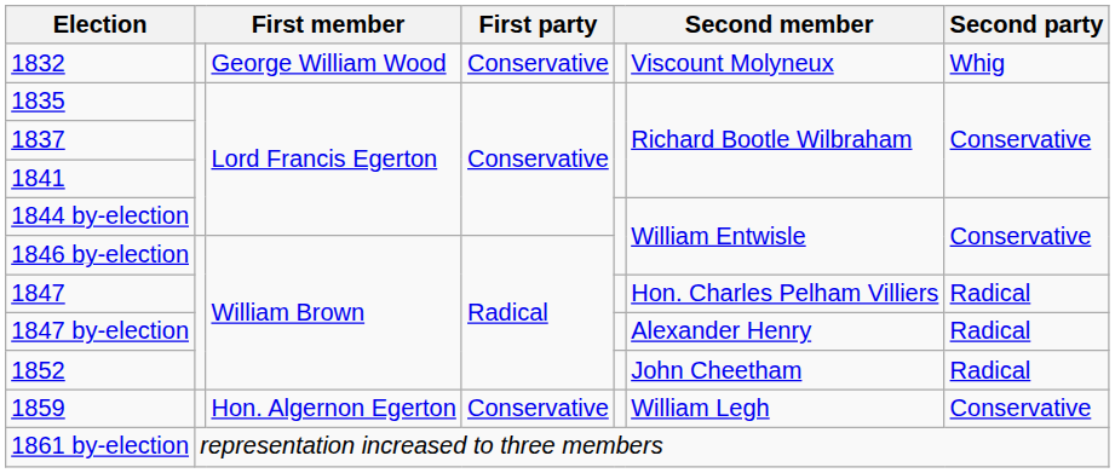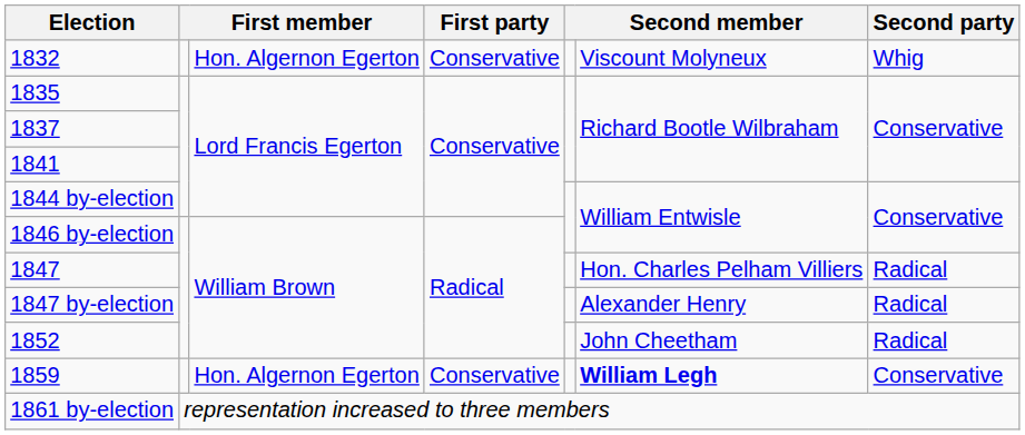 <table class="wikitable">
 <tr>
 <th>Election</th>
 <th colspan="2">First member</th>
 <th>First party</th>
 <th colspan="2">Second member</th>
 <th>Second party</th>
 </tr>
 <tr>
 <td><a href='#'>1832</a></td>
 <td style="color:inherit;background-color: "></td>
-<td><a href='#'>George William Wood</a></td>
+<td><a href='#'>Hon. Algernon Egerton</a></td>
 <td><a href='#'>Conservative</a></td>
 <td style="color:inherit;background-color: "></td>
 <td><a href='#'>Viscount Molyneux</a></td>
 <td><a href='#'>Whig</a></td>
 </tr>
 <tr>
 <td><a href='#'>1835</a></td>
 <td rowspan="4" style="color:inherit;background-color: "></td>
 <td rowspan="4"><a href='#'>Lord Francis Egerton</a></td>
 <td rowspan="4"><a href='#'>Conservative</a></td>
 <td rowspan="3" style="color:inherit;background-color: "></td>
 <td rowspan="3"><a href='#'>Richard Bootle Wilbraham</a></td>
 <td rowspan="3"><a href='#'>Conservative</a></td>
 </tr>
 <tr>
 <td><a href='#'>1837</a></td>
 </tr>
 <tr>
 <td><a href='#'>1841</a></td>
 </tr>
 <tr>
 <td><a href='#'>1844 by-election</a></td>
 <td rowspan="2" style="color:inherit;background-color: "></td>
 <td rowspan="2"><a href='#'>William Entwisle</a></td>
 <td rowspan="2"><a href='#'>Conservative</a></td>
 </tr>
 <tr>
 <td><a href='#'>1846 by-election</a></td>
 <td rowspan="4" style="color:inherit;background-color: "></td>
 <td rowspan="4"><a href='#'>William Brown</a></td>
 <td rowspan="4"><a href='#'>Radical</a></td>
 </tr>
 <tr>
 <td><a href='#'>1847</a></td>
 <td style="color:inherit;background-color: "></td>
 <td><a href='#'>Hon. Charles Pelham Villiers</a></td>
 <td><a href='#'>Radical</a></td>
 </tr>
 <tr>
 <td><a href='#'>1847 by-election</a></td>
 <td style="color:inherit;background-color: "></td>
 <td><a href='#'>Alexander Henry</a></td>
 <td><a href='#'>Radical</a></td>
 </tr>
 <tr>
 <td><a href='#'>1852</a></td>
 <td style="color:inherit;background-color: "></td>
 <td><a href='#'>John Cheetham</a></td>
 <td><a href='#'>Radical</a></td>
 </tr>
 <tr>
 <td><a href='#'>1859</a></td>
 <td style="color:inherit;background-color: "></td>
 <td><a href='#'>Hon. Algernon Egerton</a></td>
 <td><a href='#'>Conservative</a></td>
 <td style="color:inherit;background-color: "></td>
-<td><a href='#'>William Legh</a></td>
+<td><strong><a href='#'>William Legh</a></strong></td>
 <td><a href='#'>Conservative</a></td>
 </tr>
 <tr>
 <td><a href='#'>1861 by-election</a></td>
 <td colspan="6"><em>representation increased to three members</em></td>
 </tr>
 </table>
